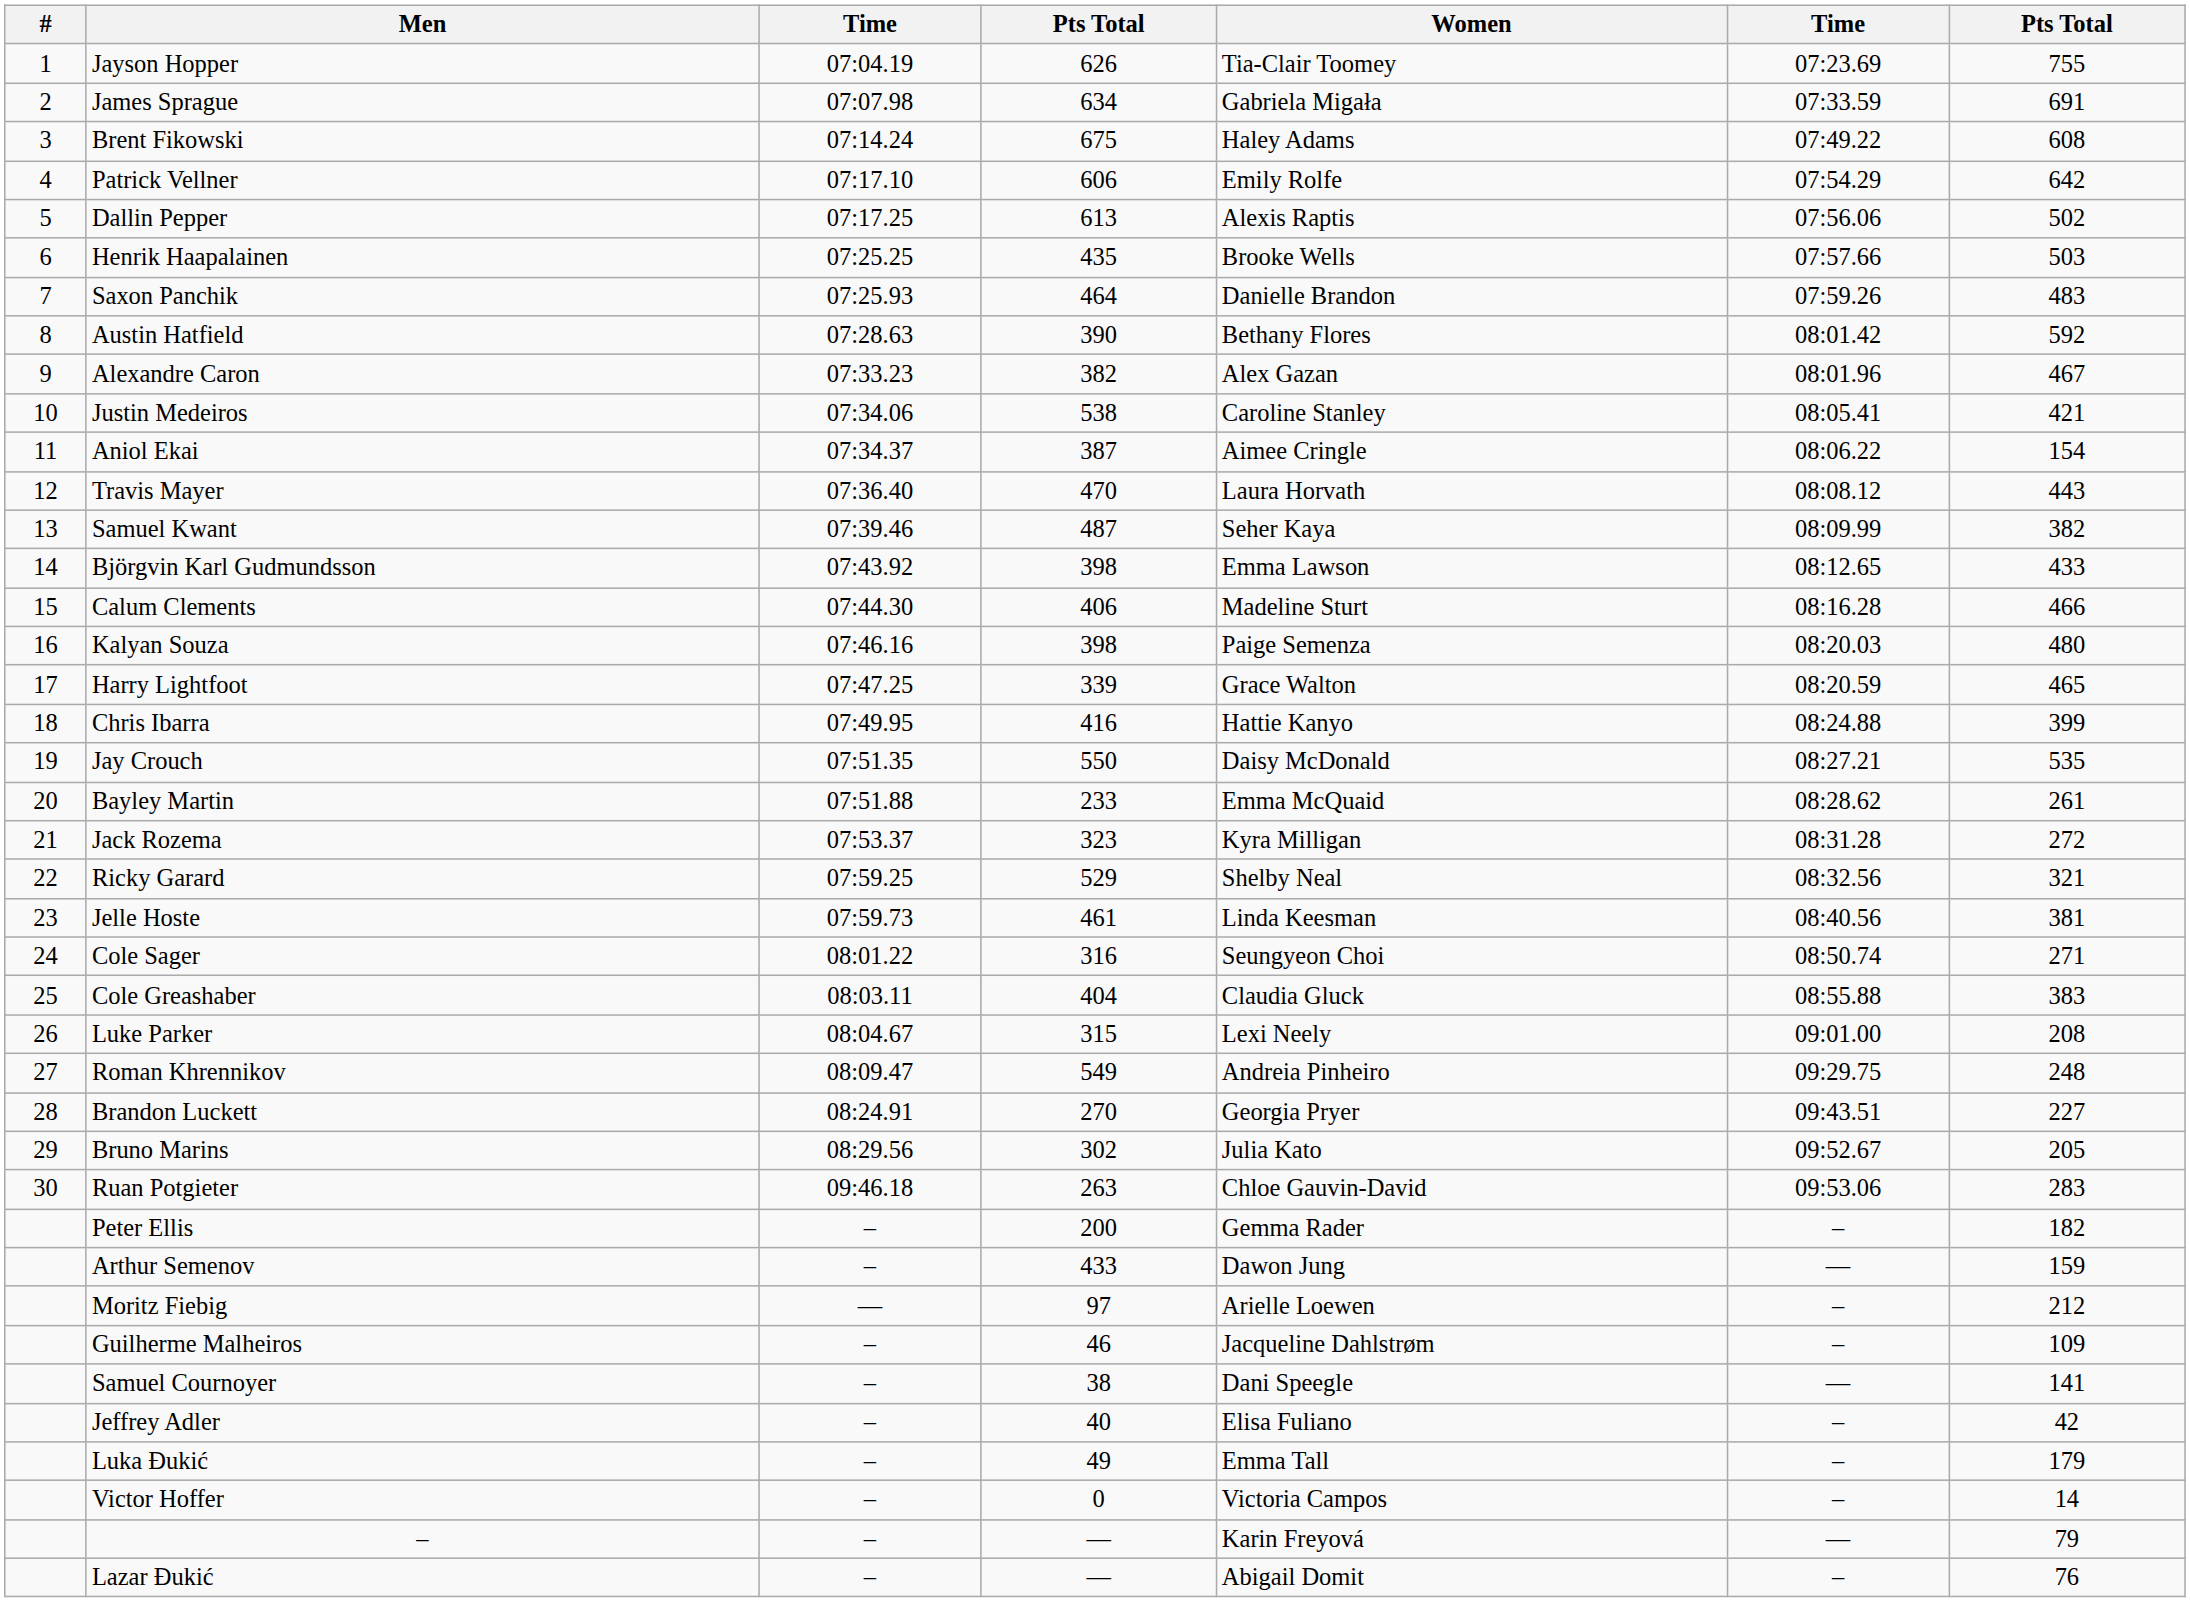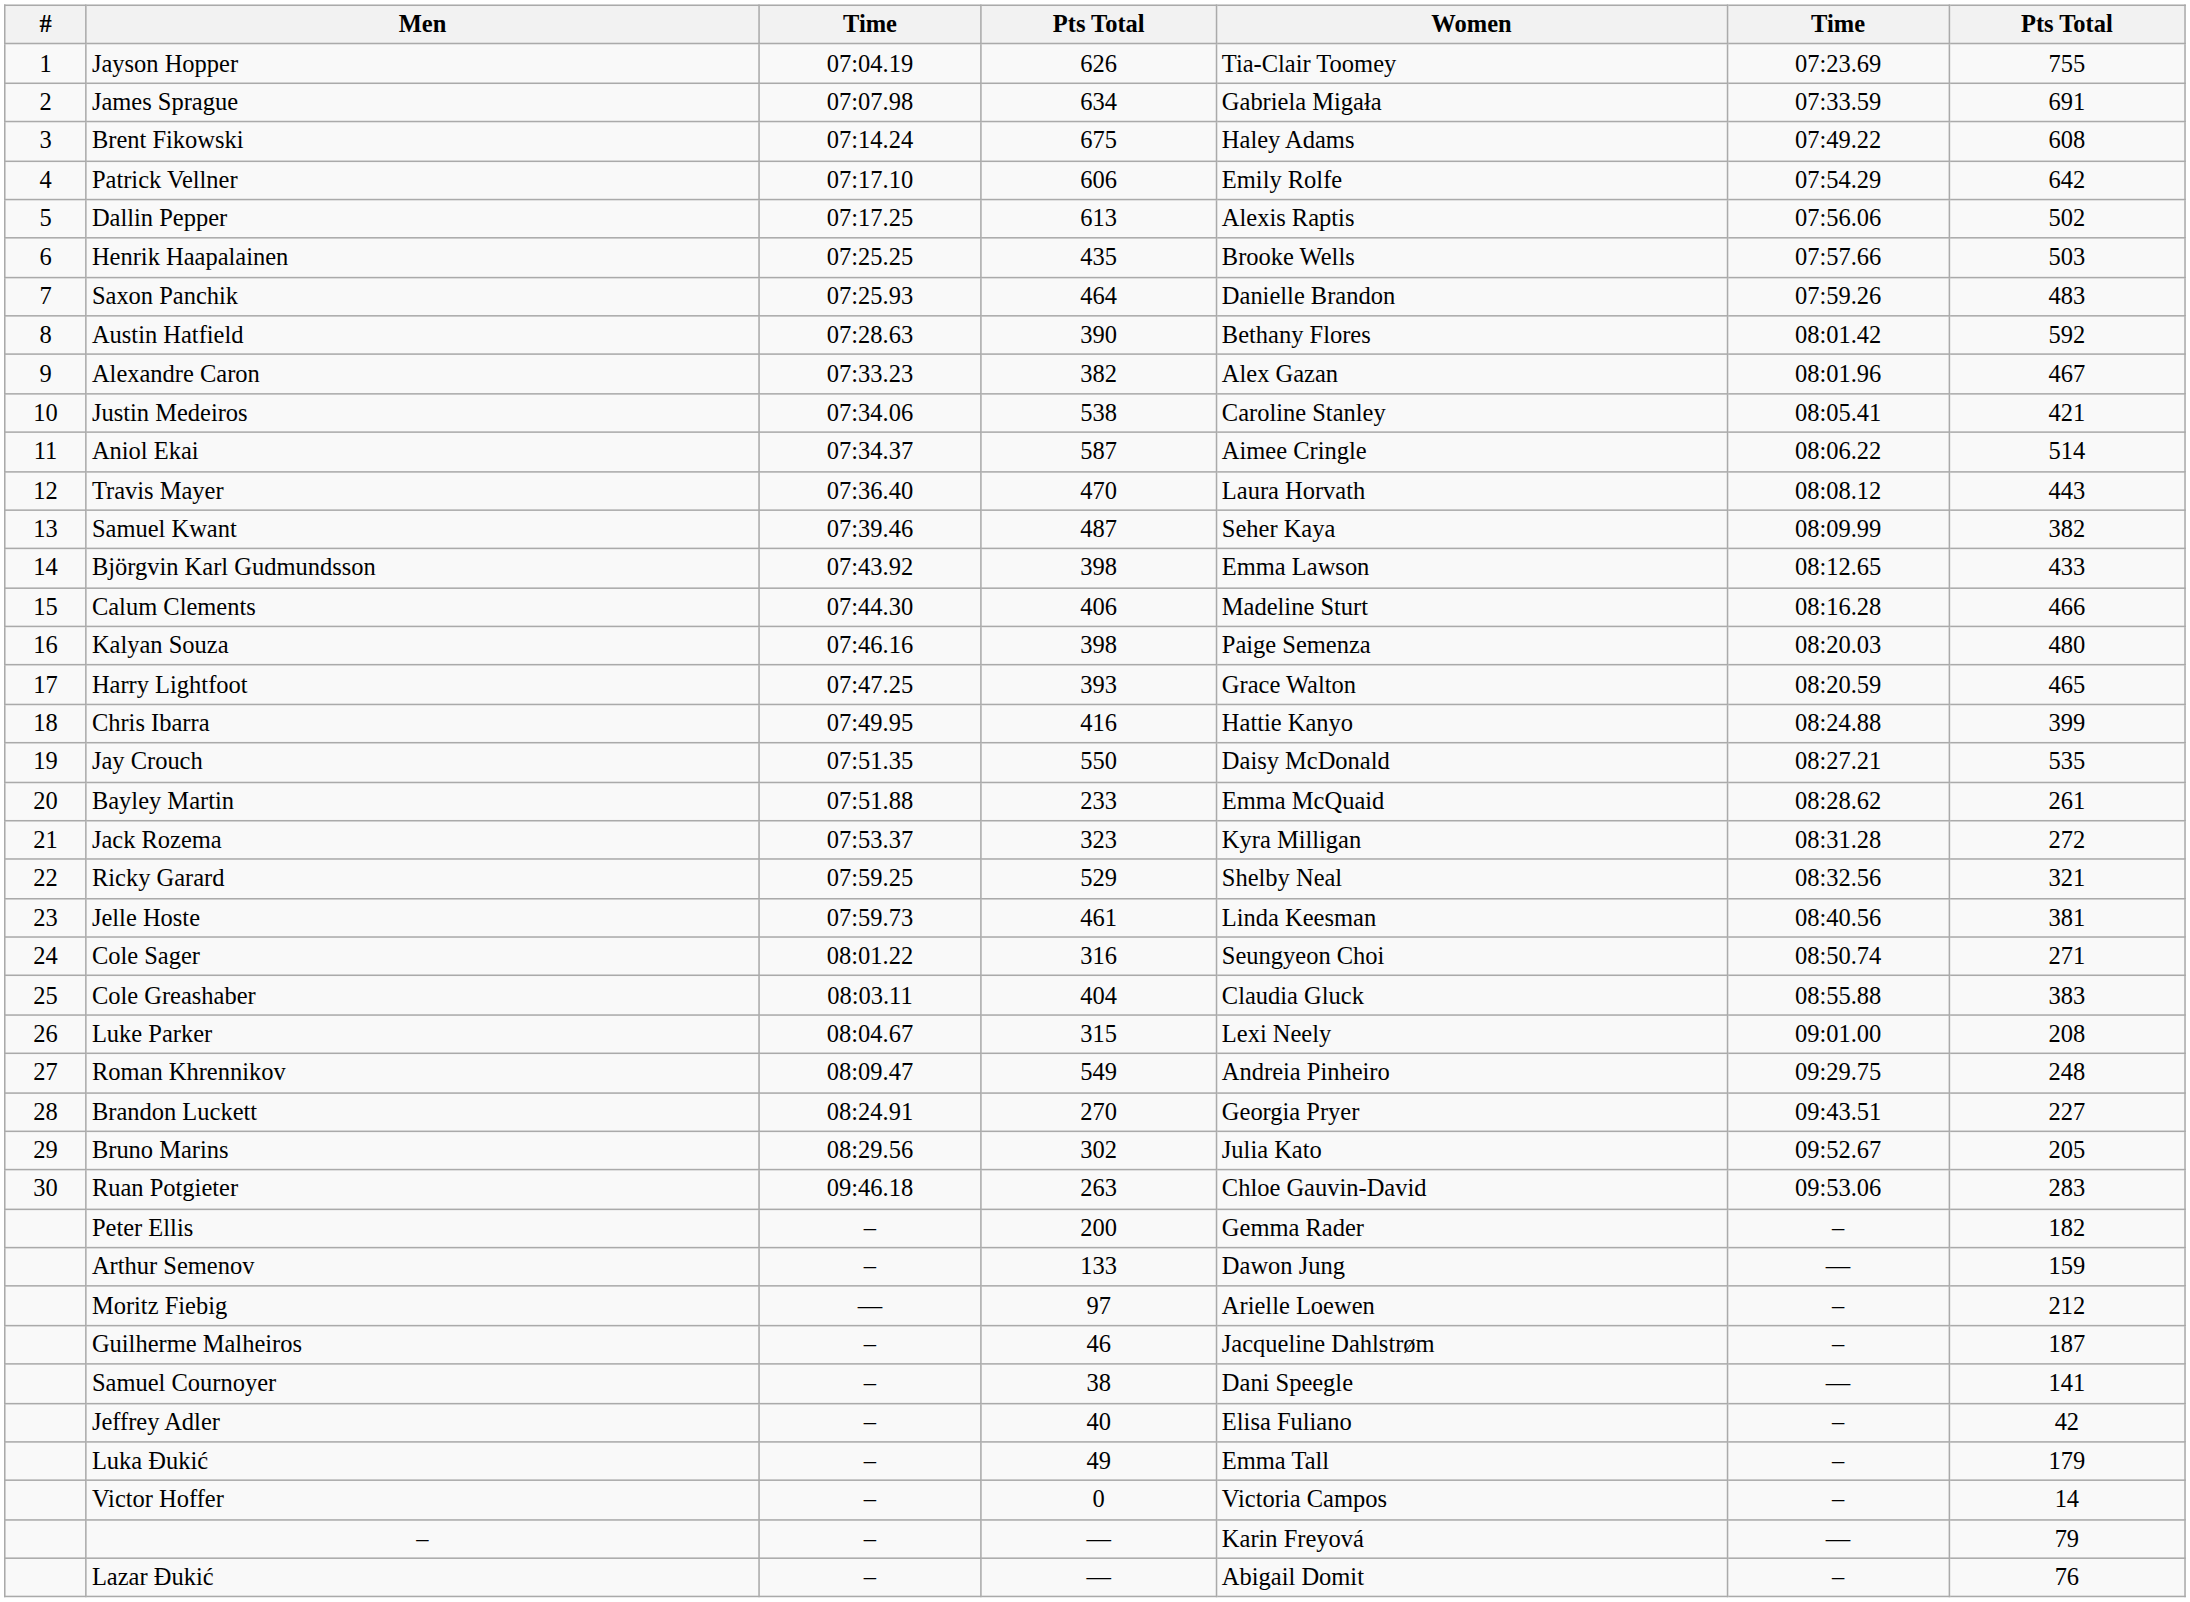 <table class="wikitable sortable" style="display: inline-table;width: 90%; text-align:center">
 <tr>
 <th>#</th>
 <th>Men</th>
 <th>Time</th>
 <th>Pts Total</th>
 <th>Women</th>
 <th>Time</th>
 <th>Pts Total</th>
 </tr>
 <tr>
 <td>1</td>
 <td align=left> Jayson Hopper</td>
 <td>07:04.19</td>
 <td>626</td>
 <td align=left> Tia-Clair Toomey</td>
 <td>07:23.69</td>
 <td>755</td>
 </tr>
 <tr>
 <td>2</td>
 <td align=left> James Sprague</td>
 <td>07:07.98</td>
 <td>634</td>
 <td align=left> Gabriela Migała</td>
 <td>07:33.59</td>
 <td>691</td>
 </tr>
 <tr>
 <td>3</td>
 <td align=left> Brent Fikowski</td>
 <td>07:14.24</td>
 <td>675</td>
 <td align=left> Haley Adams</td>
 <td>07:49.22</td>
 <td>608</td>
 </tr>
 <tr>
 <td>4</td>
 <td align=left> Patrick Vellner</td>
 <td>07:17.10</td>
 <td>606</td>
 <td align=left> Emily Rolfe</td>
 <td>07:54.29</td>
 <td>642</td>
 </tr>
 <tr>
 <td>5</td>
 <td align=left> Dallin Pepper</td>
 <td>07:17.25</td>
 <td>613</td>
 <td align=left> Alexis Raptis</td>
 <td>07:56.06</td>
 <td>502</td>
 </tr>
 <tr>
 <td>6</td>
 <td align=left> Henrik Haapalainen</td>
 <td>07:25.25</td>
 <td>435</td>
 <td align=left> Brooke Wells</td>
 <td>07:57.66</td>
 <td>503</td>
 </tr>
 <tr>
 <td>7</td>
 <td align=left> Saxon Panchik</td>
 <td>07:25.93</td>
 <td>464</td>
 <td align=left> Danielle Brandon</td>
 <td>07:59.26</td>
 <td>483</td>
 </tr>
 <tr>
 <td>8</td>
 <td align=left> Austin Hatfield</td>
 <td>07:28.63</td>
 <td>390</td>
 <td align=left> Bethany Flores</td>
 <td>08:01.42</td>
 <td>592</td>
 </tr>
 <tr>
 <td>9</td>
 <td align=left> Alexandre Caron</td>
 <td>07:33.23</td>
 <td>382</td>
 <td align=left> Alex Gazan</td>
 <td>08:01.96</td>
 <td>467</td>
 </tr>
 <tr>
 <td>10</td>
 <td align=left> Justin Medeiros</td>
 <td>07:34.06</td>
 <td>538</td>
 <td align=left> Caroline Stanley</td>
 <td>08:05.41</td>
 <td>421</td>
 </tr>
 <tr>
 <td>11</td>
 <td align=left> Aniol Ekai</td>
 <td>07:34.37</td>
-<td>387</td>
+<td>587</td>
 <td align=left> Aimee Cringle</td>
 <td>08:06.22</td>
-<td>154</td>
+<td>514</td>
 </tr>
 <tr>
 <td>12</td>
 <td align=left> Travis Mayer</td>
 <td>07:36.40</td>
 <td>470</td>
 <td align=left> Laura Horvath</td>
 <td>08:08.12</td>
 <td>443</td>
 </tr>
 <tr>
 <td>13</td>
 <td align=left> Samuel Kwant</td>
 <td>07:39.46</td>
 <td>487</td>
 <td align=left> Seher Kaya</td>
 <td>08:09.99</td>
 <td>382</td>
 </tr>
 <tr>
 <td>14</td>
 <td align=left> Björgvin Karl Gudmundsson</td>
 <td>07:43.92</td>
 <td>398</td>
 <td align=left> Emma Lawson</td>
 <td>08:12.65</td>
 <td>433</td>
 </tr>
 <tr>
 <td>15</td>
 <td align=left> Calum Clements</td>
 <td>07:44.30</td>
 <td>406</td>
 <td align=left> Madeline Sturt</td>
 <td>08:16.28</td>
 <td>466</td>
 </tr>
 <tr>
 <td>16</td>
 <td align=left> Kalyan Souza</td>
 <td>07:46.16</td>
 <td>398</td>
 <td align=left> Paige Semenza</td>
 <td>08:20.03</td>
 <td>480</td>
 </tr>
 <tr>
 <td>17</td>
 <td align=left> Harry Lightfoot</td>
 <td>07:47.25</td>
-<td>339</td>
+<td>393</td>
 <td align=left> Grace Walton</td>
 <td>08:20.59</td>
 <td>465</td>
 </tr>
 <tr>
 <td>18</td>
 <td align=left> Chris Ibarra</td>
 <td>07:49.95</td>
 <td>416</td>
 <td align=left> Hattie Kanyo</td>
 <td>08:24.88</td>
 <td>399</td>
 </tr>
 <tr>
 <td>19</td>
 <td align=left> Jay Crouch</td>
 <td>07:51.35</td>
 <td>550</td>
 <td align=left> Daisy McDonald</td>
 <td>08:27.21</td>
 <td>535</td>
 </tr>
 <tr>
 <td>20</td>
 <td align=left> Bayley Martin</td>
 <td>07:51.88</td>
 <td>233</td>
 <td align=left> Emma McQuaid</td>
 <td>08:28.62</td>
 <td>261</td>
 </tr>
 <tr>
 <td>21</td>
 <td align=left> Jack Rozema</td>
 <td>07:53.37</td>
 <td>323</td>
 <td align=left> Kyra Milligan</td>
 <td>08:31.28</td>
 <td>272</td>
 </tr>
 <tr>
 <td>22</td>
 <td align=left> Ricky Garard</td>
 <td>07:59.25</td>
 <td>529</td>
 <td align=left> Shelby Neal</td>
 <td>08:32.56</td>
 <td>321</td>
 </tr>
 <tr>
 <td>23</td>
 <td align=left> Jelle Hoste</td>
 <td>07:59.73</td>
 <td>461</td>
 <td align=left> Linda Keesman</td>
 <td>08:40.56</td>
 <td>381</td>
 </tr>
 <tr>
 <td>24</td>
 <td align=left> Cole Sager</td>
 <td>08:01.22</td>
 <td>316</td>
 <td align=left> Seungyeon Choi</td>
 <td>08:50.74</td>
 <td>271</td>
 </tr>
 <tr>
 <td>25</td>
 <td align=left> Cole Greashaber</td>
 <td>08:03.11</td>
 <td>404</td>
 <td align=left> Claudia Gluck</td>
 <td>08:55.88</td>
 <td>383</td>
 </tr>
 <tr>
 <td>26</td>
 <td align=left> Luke Parker</td>
 <td>08:04.67</td>
 <td>315</td>
 <td align=left> Lexi Neely</td>
 <td>09:01.00</td>
 <td>208</td>
 </tr>
 <tr>
 <td>27</td>
 <td align=left> Roman Khrennikov</td>
 <td>08:09.47</td>
 <td>549</td>
 <td align=left> Andreia Pinheiro</td>
 <td>09:29.75</td>
 <td>248</td>
 </tr>
 <tr>
 <td>28</td>
 <td align=left> Brandon Luckett</td>
 <td>08:24.91</td>
 <td>270</td>
 <td align=left> Georgia Pryer</td>
 <td>09:43.51</td>
 <td>227</td>
 </tr>
 <tr>
 <td>29</td>
 <td align=left> Bruno Marins</td>
 <td>08:29.56</td>
 <td>302</td>
 <td align=left> Julia Kato</td>
 <td>09:52.67</td>
 <td>205</td>
 </tr>
 <tr>
 <td>30</td>
 <td align=left> Ruan Potgieter</td>
 <td>09:46.18</td>
 <td>263</td>
 <td align=left> Chloe Gauvin-David</td>
 <td>09:53.06</td>
 <td>283</td>
 </tr>
 <tr>
 <td></td>
 <td align=left> Peter Ellis</td>
 <td>–</td>
 <td>200</td>
 <td align=left> Gemma Rader</td>
 <td>–</td>
 <td>182</td>
 </tr>
 <tr>
 <td></td>
 <td align=left> Arthur Semenov</td>
 <td>–</td>
-<td>433</td>
+<td>133</td>
 <td align=left> Dawon Jung</td>
 <td>—</td>
 <td>159</td>
 </tr>
 <tr>
 <td></td>
 <td align=left> Moritz Fiebig</td>
 <td>—</td>
 <td>97</td>
 <td align=left> Arielle Loewen</td>
 <td>–</td>
 <td>212</td>
 </tr>
 <tr>
 <td></td>
 <td align=left> Guilherme Malheiros</td>
 <td>–</td>
 <td>46</td>
 <td align=left> Jacqueline Dahlstrøm</td>
 <td>–</td>
-<td>109</td>
+<td>187</td>
 </tr>
 <tr>
 <td></td>
 <td align=left> Samuel Cournoyer</td>
 <td>–</td>
 <td>38</td>
 <td align=left> Dani Speegle</td>
 <td>—</td>
 <td>141</td>
 </tr>
 <tr>
 <td></td>
 <td align=left> Jeffrey Adler</td>
 <td>–</td>
 <td>40</td>
 <td align=left> Elisa Fuliano</td>
 <td>–</td>
 <td>42</td>
 </tr>
 <tr>
 <td></td>
 <td align=left> Luka Đukić</td>
 <td>–</td>
 <td>49</td>
 <td align=left> Emma Tall</td>
 <td>–</td>
 <td>179</td>
 </tr>
 <tr>
 <td></td>
 <td align=left> Victor Hoffer</td>
 <td>–</td>
 <td>0</td>
 <td align=left> Victoria Campos</td>
 <td>–</td>
 <td>14</td>
 </tr>
 <tr>
 <td></td>
 <td>–</td>
 <td>–</td>
 <td>—</td>
 <td align=left> Karin Freyová</td>
 <td>—</td>
 <td>79</td>
 </tr>
 <tr>
 <td></td>
 <td align=left> Lazar Đukić</td>
 <td>–</td>
 <td>—</td>
 <td align=left> Abigail Domit</td>
 <td>–</td>
 <td>76</td>
 </tr>
 </table>
